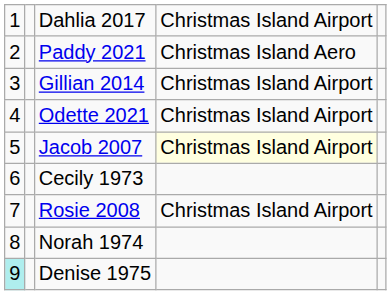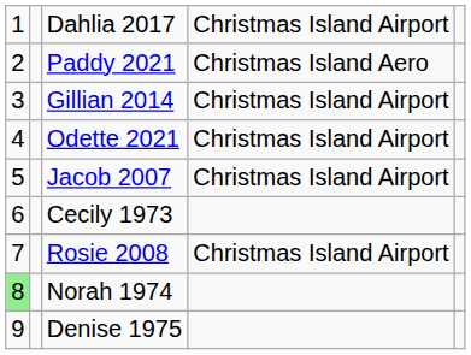 <table class="wikitable">
 <tr>
 <td>1</td>
 <td></td>
 <td>Dahlia 2017</td>
 <td>Christmas Island Airport</td>
 <td></td>
 </tr>
 <tr>
 <td>2</td>
 <td></td>
 <td><a href='#'>Paddy 2021</a></td>
 <td>Christmas Island Aero</td>
 <td></td>
 </tr>
 <tr>
 <td>3</td>
 <td></td>
 <td><a href='#'>Gillian 2014</a></td>
 <td>Christmas Island Airport</td>
 <td></td>
 </tr>
 <tr>
 <td>4</td>
 <td></td>
 <td><a href='#'>Odette 2021</a></td>
 <td>Christmas Island Airport</td>
 <td></td>
 </tr>
 <tr>
 <td>5</td>
 <td></td>
 <td><a href='#'>Jacob 2007</a></td>
-<td style="background: lightyellow;">Christmas Island Airport</td>
+<td>Christmas Island Airport</td>
 <td></td>
 </tr>
 <tr>
 <td>6</td>
 <td></td>
 <td>Cecily 1973</td>
 <td></td>
 <td></td>
 </tr>
 <tr>
 <td>7</td>
 <td></td>
 <td><a href='#'>Rosie 2008</a></td>
 <td>Christmas Island Airport</td>
 <td></td>
 </tr>
 <tr>
-<td>8</td>
+<td style="background: lightgreen;">8</td>
 <td></td>
 <td>Norah 1974</td>
 <td></td>
 <td></td>
 </tr>
 <tr>
-<td style="background: paleturquoise;">9</td>
+<td>9</td>
 <td></td>
 <td>Denise 1975</td>
 <td></td>
 <td></td>
 </tr>
 </table>
